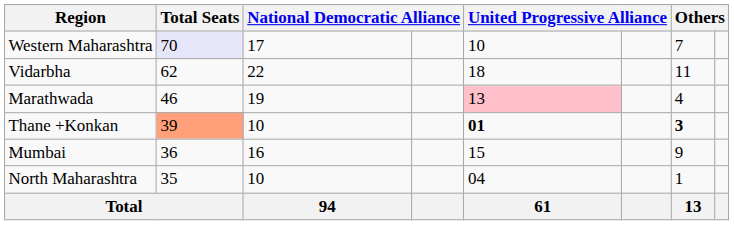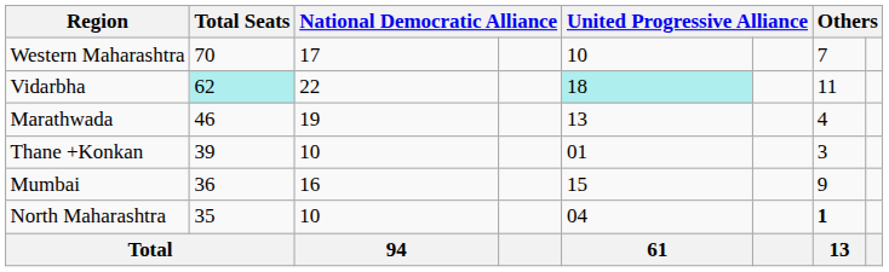 <table class="wikitable sortable">
 <tr>
 <th>Region</th>
 <th>Total Seats</th>
 <th colspan="2"><a href='#'>National Democratic Alliance</a></th>
 <th colspan="2"><a href='#'>United Progressive Alliance</a></th>
 <th colspan="2">Others</th>
 </tr>
 <tr>
 <td>Western Maharashtra</td>
-<td style="background: lavender;">70</td>
+<td>70</td>
 <td> 17</td>
 <td></td>
 <td> 10</td>
 <td></td>
 <td> 7</td>
 <td></td>
 </tr>
 <tr>
 <td>Vidarbha</td>
-<td>62</td>
+<td style="background: paleturquoise;">62</td>
 <td> 22</td>
 <td></td>
-<td> 18</td>
+<td style="background: paleturquoise;"> 18</td>
 <td></td>
 <td> 11</td>
 <td></td>
 </tr>
 <tr>
 <td>Marathwada</td>
 <td>46</td>
 <td> 19</td>
 <td></td>
-<td style="background: pink;"> 13</td>
+<td> 13</td>
 <td></td>
 <td> 4</td>
 <td></td>
 </tr>
 <tr>
 <td>Thane +Konkan</td>
-<td style="background: lightsalmon;">39</td>
+<td>39</td>
 <td> 10</td>
 <td></td>
-<td><strong> 01</strong></td>
+<td> 01</td>
 <td></td>
-<td><strong> 3</strong></td>
+<td> 3</td>
 <td></td>
 </tr>
 <tr>
 <td>Mumbai</td>
 <td>36</td>
 <td> 16</td>
 <td></td>
 <td> 15</td>
 <td></td>
 <td> 9</td>
 <td></td>
 </tr>
 <tr>
 <td>North Maharashtra</td>
 <td>35</td>
 <td> 10</td>
 <td></td>
 <td> 04</td>
 <td></td>
-<td> 1</td>
+<td><strong> 1</strong></td>
 <td></td>
 </tr>
 <tr>
 <th colspan="2">Total</th>
 <th> 94</th>
 <th></th>
 <th> 61</th>
 <th></th>
 <th> 13</th>
 <th></th>
 </tr>
 </table>
